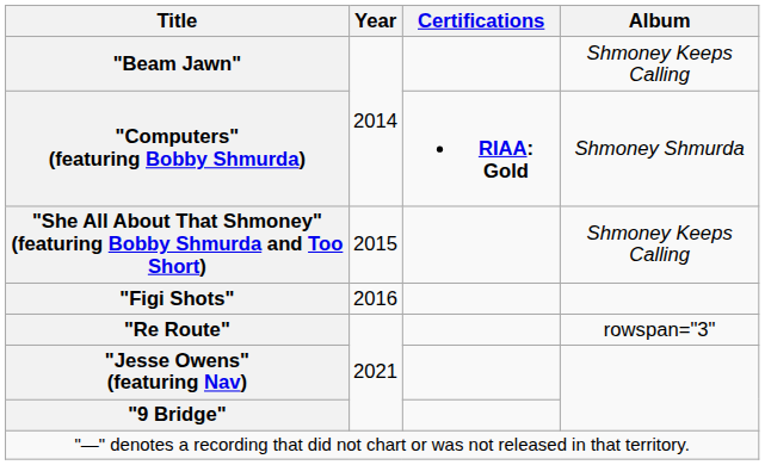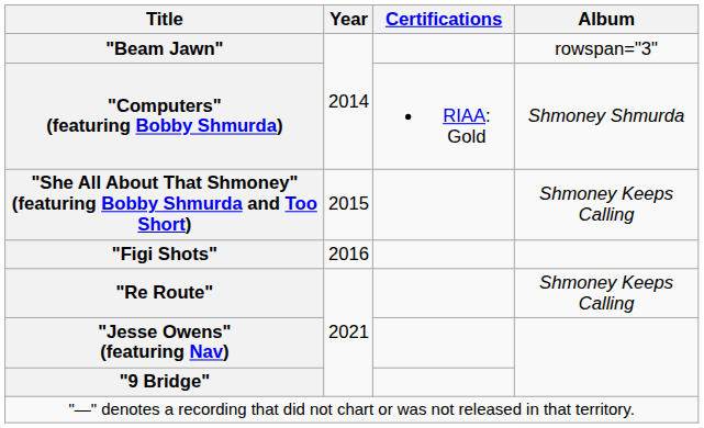 <table class="wikitable plainrowheaders" style="text-align:center;">
 <tr>
 <th scope="col">Title</th>
 <th scope="col">Year</th>
 <th scope="col"><a href='#'>Certifications</a></th>
 <th scope="col">Album</th>
 </tr>
 <tr>
 <th scope="row">"Beam Jawn"</th>
 <td rowspan="2">2014</td>
 <td></td>
-<td><em>Shmoney Keeps Calling</em></td>
+<td>rowspan="3" </td>
 </tr>
 <tr>
 <th scope="row">"Computers"<br><span>(featuring <a href='#'>Bobby Shmurda</a>)</span></th>
-<td><strong><br><ul><li><a href='#'>RIAA</a>: Gold</li></ul></strong></td>
+<td><br><ul><li><a href='#'>RIAA</a>: Gold</li></ul></td>
 <td><em>Shmoney Shmurda</em></td>
 </tr>
 <tr>
 <th scope="row">"She All About That Shmoney"<br><span>(featuring <a href='#'>Bobby Shmurda</a> and <a href='#'>Too Short</a>)</span></th>
 <td>2015</td>
 <td></td>
 <td><em>Shmoney Keeps Calling</em></td>
 </tr>
 <tr>
 <th scope="row">"Figi Shots"<br></th>
 <td>2016</td>
 <td></td>
 <td></td>
 </tr>
 <tr>
 <th scope="row">"Re Route"<br></th>
 <td rowspan="3">2021</td>
 <td></td>
-<td>rowspan="3" </td>
+<td><em>Shmoney Keeps Calling</em></td>
 </tr>
 <tr>
 <th scope="row">"Jesse Owens"<br><span>(featuring <a href='#'>Nav</a>)</span></th>
 <td></td>
 </tr>
 <tr>
 <th scope="row">"9 Bridge"<br></th>
 <td></td>
 </tr>
 <tr>
 <td colspan="8" style="font-size:90%">"—" denotes a recording that did not chart or was not released in that territory.</td>
 </tr>
 </table>
